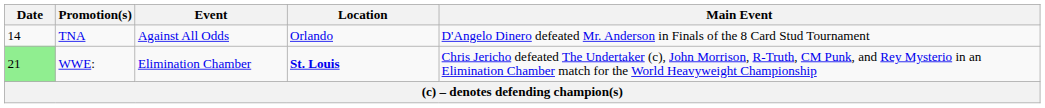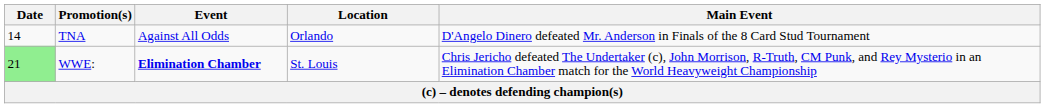 <table class="wikitable" style="width:100%;">
 <tr>
 <th width=5%>Date</th>
 <th width=5%>Promotion(s)</th>
 <th style="width:15%;">Event</th>
 <th style="width:15%;">Location</th>
 <th style="width:60%;">Main Event</th>
 </tr>
 <tr>
 <td>14</td>
 <td><a href='#'>TNA</a></td>
 <td><a href='#'>Against All Odds</a></td>
 <td><a href='#'>Orlando</a></td>
 <td><a href='#'>D'Angelo Dinero</a> defeated <a href='#'>Mr. Anderson</a> in Finals of the 8 Card Stud Tournament</td>
 </tr>
 <tr>
 <td style="background: lightgreen;">21</td>
 <td><a href='#'>WWE</a>:<br></td>
-<td><a href='#'>Elimination Chamber</a></td>
-<td><strong><a href='#'>St. Louis</a></strong></td>
+<td><strong><a href='#'>Elimination Chamber</a></strong></td>
+<td><a href='#'>St. Louis</a></td>
 <td><a href='#'>Chris Jericho</a> defeated <a href='#'>The Undertaker</a> (c), <a href='#'>John Morrison</a>, <a href='#'>R-Truth</a>, <a href='#'>CM Punk</a>, and <a href='#'>Rey Mysterio</a> in an <a href='#'>Elimination Chamber</a> match for the <a href='#'>World Heavyweight Championship</a></td>
 </tr>
 <tr>
 <th colspan="6">(c) – denotes defending champion(s)</th>
 </tr>
 </table>
